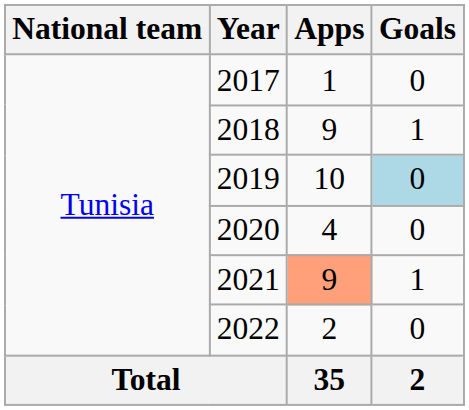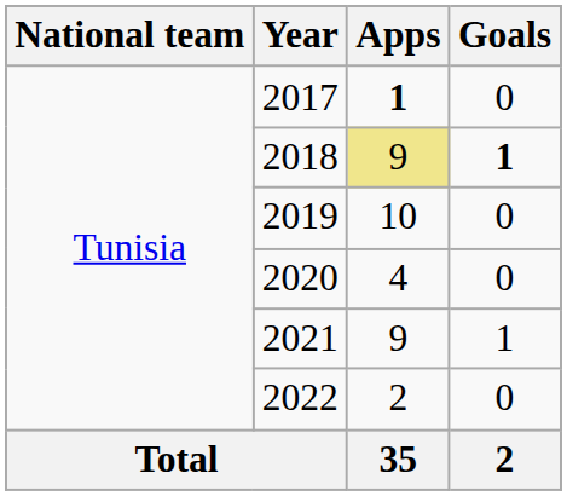 <table class="wikitable" style="text-align:center">
 <tr>
 <th>National team</th>
 <th>Year</th>
 <th>Apps</th>
 <th>Goals</th>
 </tr>
 <tr>
 <td rowspan="6"><a href='#'>Tunisia</a></td>
 <td>2017</td>
-<td>1</td>
+<td><strong>1</strong></td>
 <td>0</td>
 </tr>
 <tr>
 <td>2018</td>
-<td>9</td>
-<td>1</td>
+<td style="background: khaki;">9</td>
+<td><strong>1</strong></td>
 </tr>
 <tr>
 <td>2019</td>
 <td>10</td>
-<td style="background: lightblue;">0</td>
+<td>0</td>
 </tr>
 <tr>
 <td>2020</td>
 <td>4</td>
 <td>0</td>
 </tr>
 <tr>
 <td>2021</td>
-<td style="background: lightsalmon;">9</td>
+<td>9</td>
 <td>1</td>
 </tr>
 <tr>
 <td>2022</td>
 <td>2</td>
 <td>0</td>
 </tr>
 <tr>
 <th colspan="2">Total</th>
 <th>35</th>
 <th>2</th>
 </tr>
 </table>
